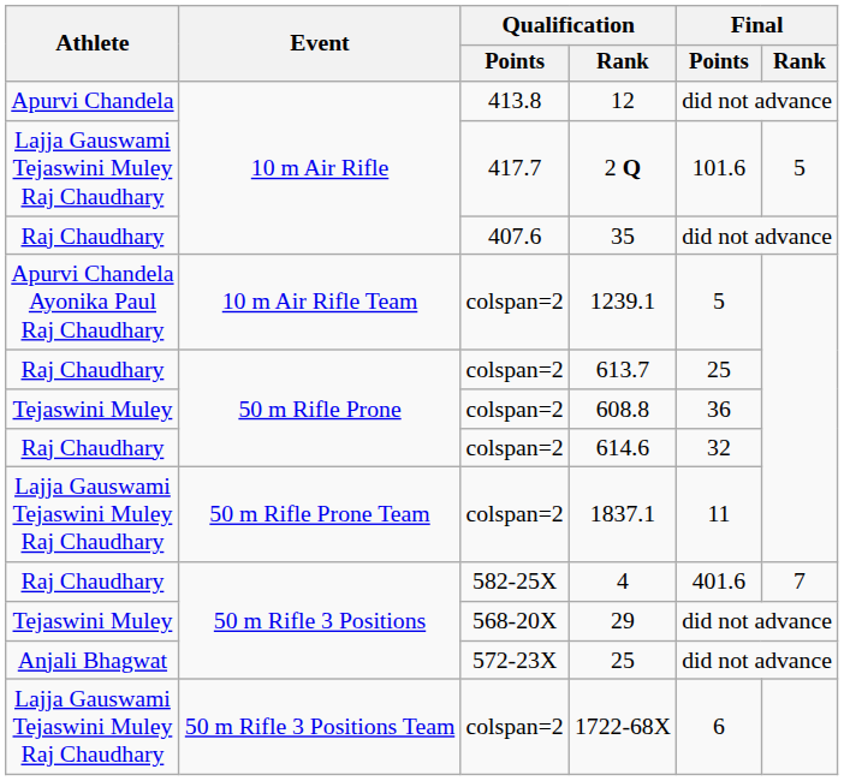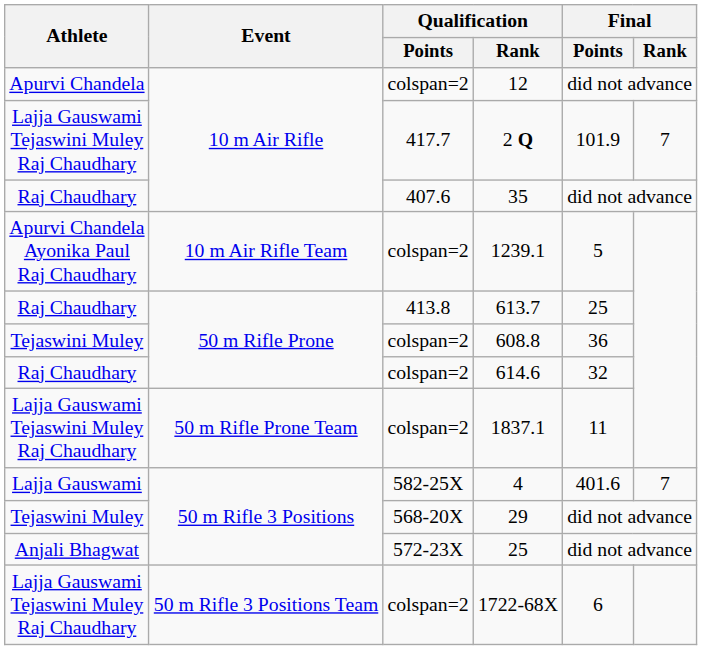 <table class=wikitable style="text-align:center; font-size:90%">
 <tr>
 <th rowspan=2>Athlete</th>
 <th rowspan=2>Event</th>
 <th colspan=2>Qualification</th>
 <th colspan=2>Final</th>
 </tr>
 <tr style="font-size:95%">
 <th>Points</th>
 <th>Rank</th>
 <th>Points</th>
 <th>Rank</th>
 </tr>
 <tr>
 <td><a href='#'>Apurvi Chandela</a></td>
 <td rowspan=3><a href='#'>10 m Air Rifle</a></td>
-<td>413.8</td>
+<td>colspan=2 </td>
 <td>12</td>
 <td style="text-align:center;" colspan=2>did not advance</td>
 </tr>
 <tr>
 <td><a href='#'>Lajja Gauswami</a><br><a href='#'>Tejaswini Muley</a><br><a href='#'>Raj Chaudhary</a></td>
 <td>417.7</td>
 <td>2 <strong>Q</strong></td>
-<td>101.6</td>
-<td>5</td>
+<td>101.9</td>
+<td>7</td>
 </tr>
 <tr>
 <td><a href='#'>Raj Chaudhary</a></td>
 <td>407.6</td>
 <td>35</td>
 <td style="text-align:center;" colspan=2>did not advance</td>
 </tr>
 <tr>
 <td><a href='#'>Apurvi Chandela</a><br><a href='#'>Ayonika Paul</a><br><a href='#'>Raj Chaudhary</a></td>
 <td><a href='#'>10 m Air Rifle Team</a></td>
 <td>colspan=2 </td>
 <td>1239.1</td>
 <td>5</td>
 </tr>
 <tr>
 <td><a href='#'>Raj Chaudhary</a></td>
 <td rowspan=3><a href='#'>50 m Rifle Prone</a></td>
-<td>colspan=2 </td>
+<td>413.8</td>
 <td>613.7</td>
 <td>25</td>
 </tr>
 <tr>
 <td><a href='#'>Tejaswini Muley</a></td>
 <td>colspan=2 </td>
 <td>608.8</td>
 <td>36</td>
 </tr>
 <tr>
 <td><a href='#'>Raj Chaudhary</a></td>
 <td>colspan=2 </td>
 <td>614.6</td>
 <td>32</td>
 </tr>
 <tr>
 <td><a href='#'>Lajja Gauswami</a><br><a href='#'>Tejaswini Muley</a><br><a href='#'>Raj Chaudhary</a></td>
 <td><a href='#'>50 m Rifle Prone Team</a></td>
 <td>colspan=2 </td>
 <td>1837.1</td>
 <td>11</td>
 </tr>
 <tr>
-<td><a href='#'>Raj Chaudhary</a></td>
+<td><a href='#'>Lajja Gauswami</a></td>
 <td rowspan=3><a href='#'>50 m Rifle 3 Positions</a></td>
 <td>582-25X</td>
 <td>4</td>
 <td>401.6</td>
 <td>7</td>
 </tr>
 <tr>
 <td><a href='#'>Tejaswini Muley</a></td>
 <td>568-20X</td>
 <td>29</td>
 <td colspan=2>did not advance</td>
 </tr>
 <tr>
 <td><a href='#'>Anjali Bhagwat</a></td>
 <td>572-23X</td>
 <td>25</td>
 <td colspan=2>did not advance</td>
 </tr>
 <tr>
 <td><a href='#'>Lajja Gauswami</a><br><a href='#'>Tejaswini Muley</a><br><a href='#'>Raj Chaudhary</a></td>
 <td><a href='#'>50 m Rifle 3 Positions Team</a></td>
 <td>colspan=2 </td>
 <td>1722-68X</td>
 <td>6</td>
 </tr>
 </table>
